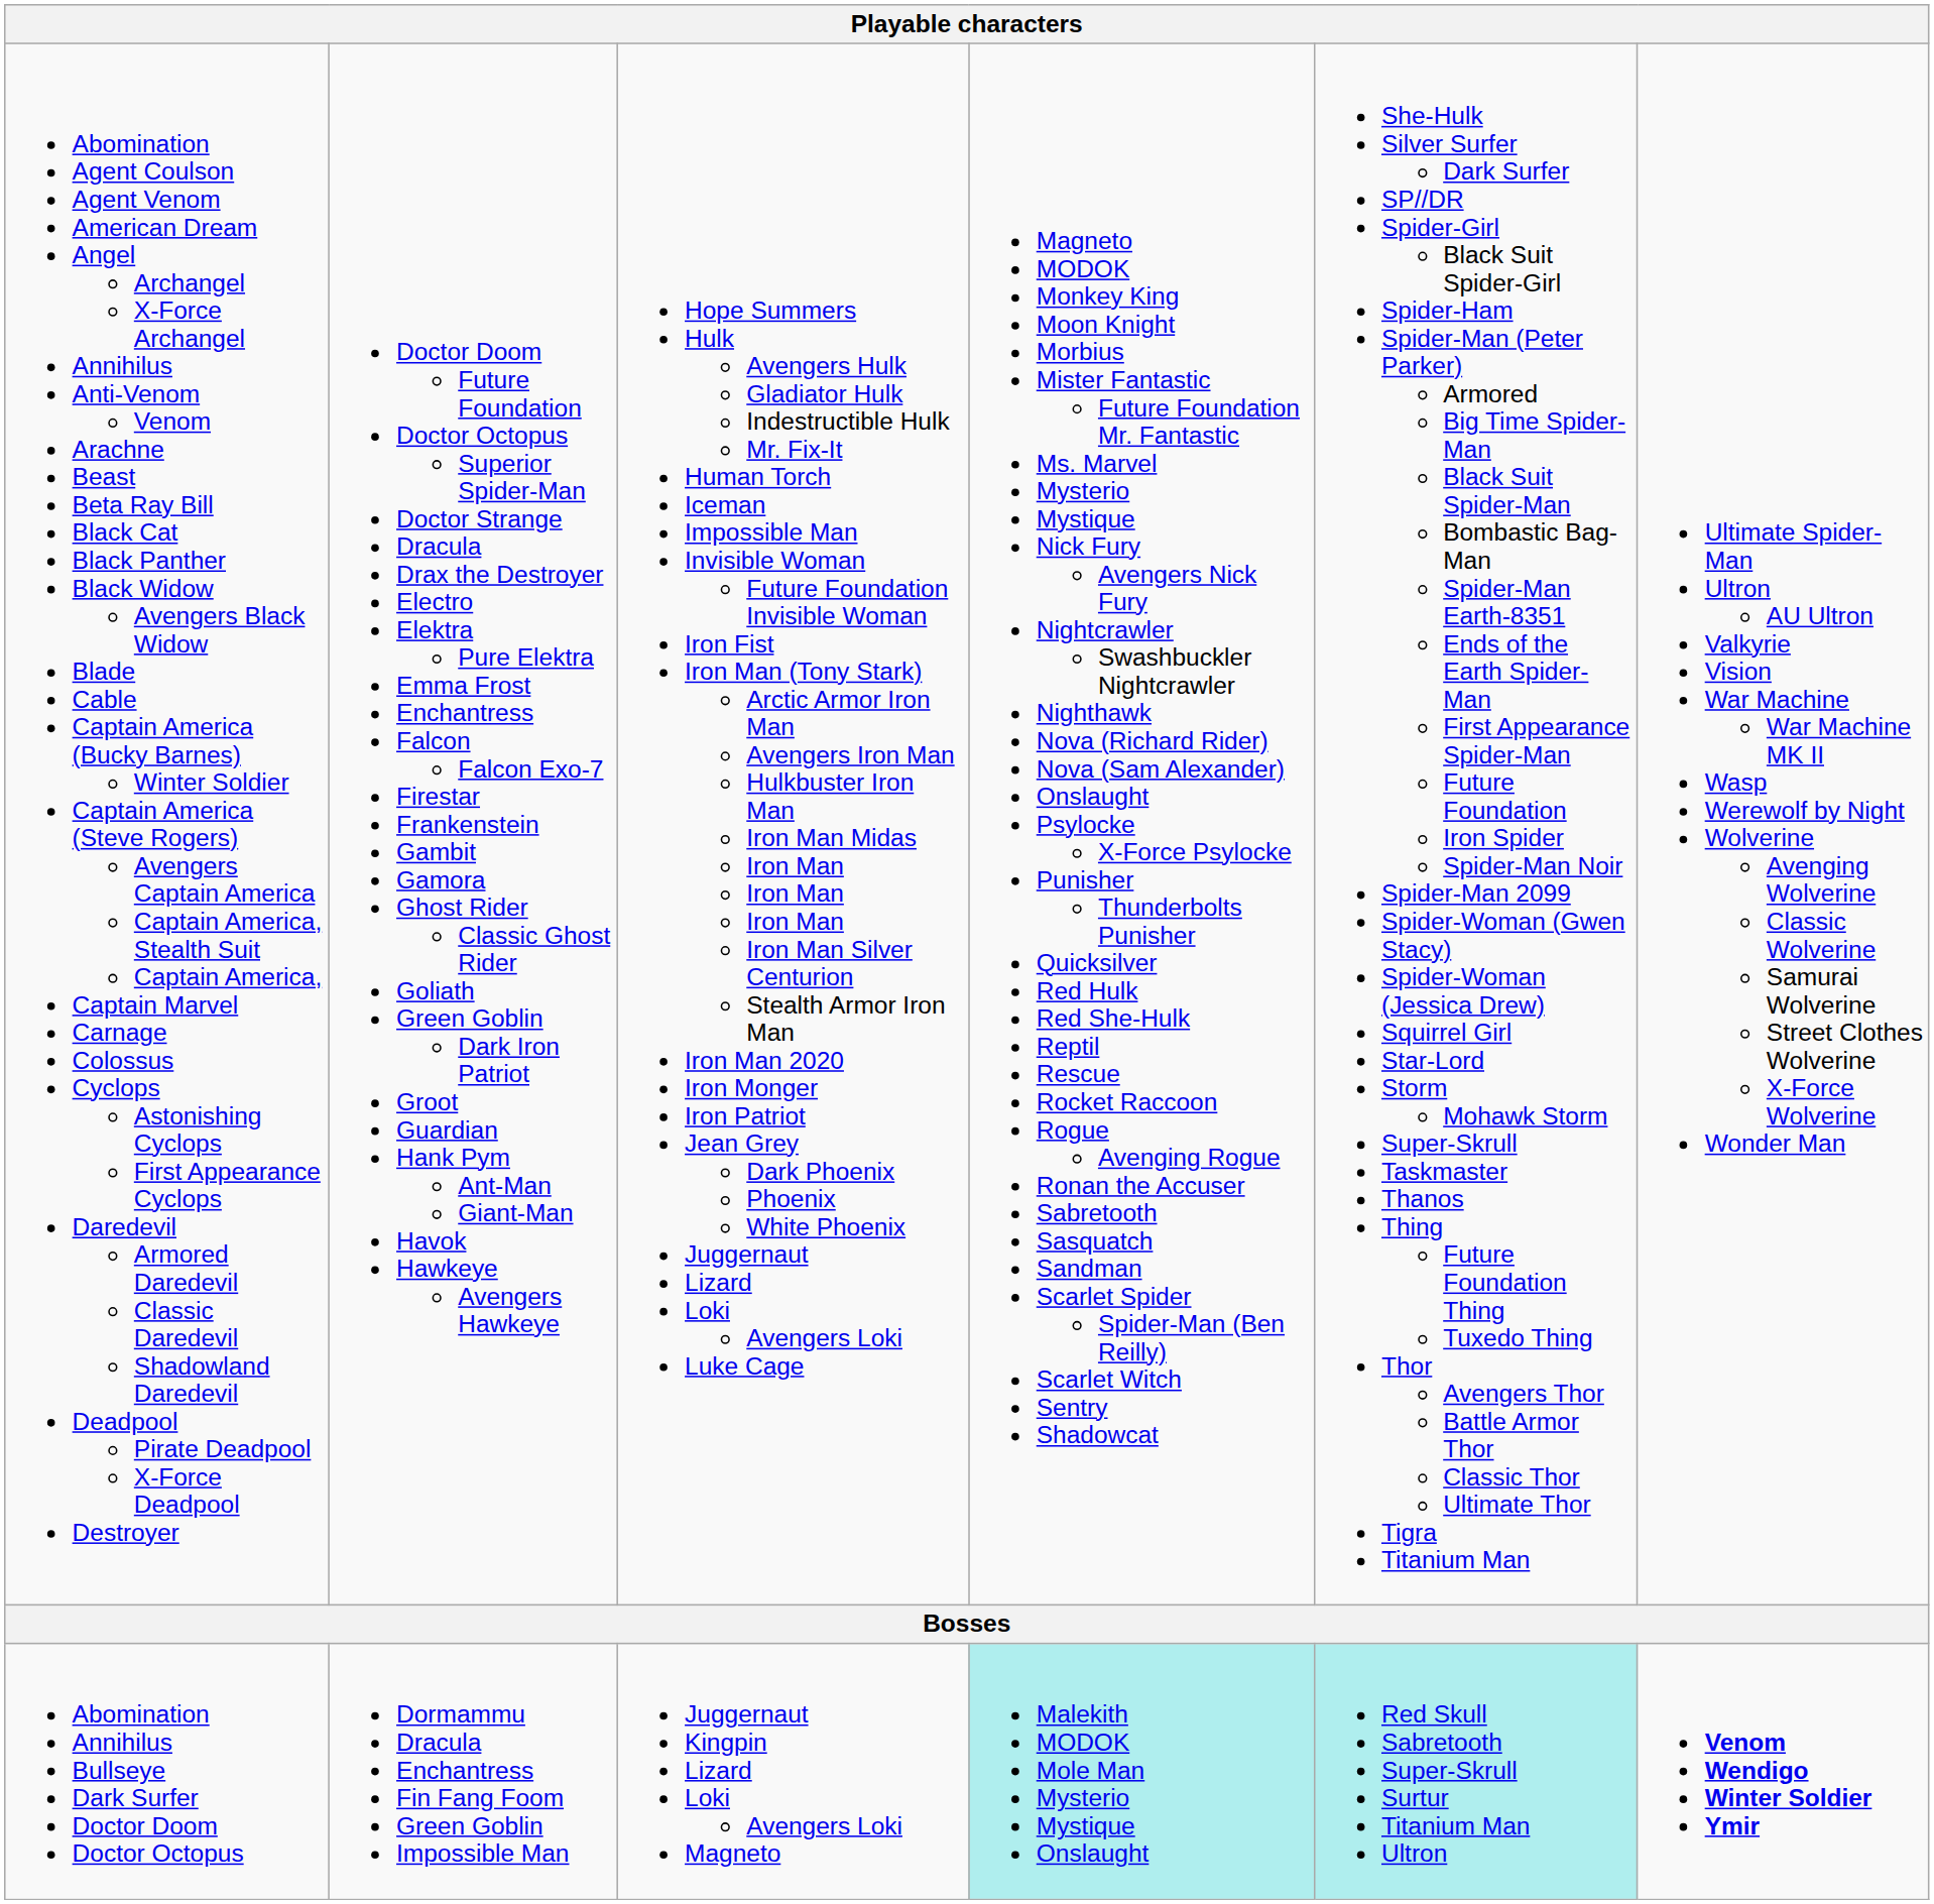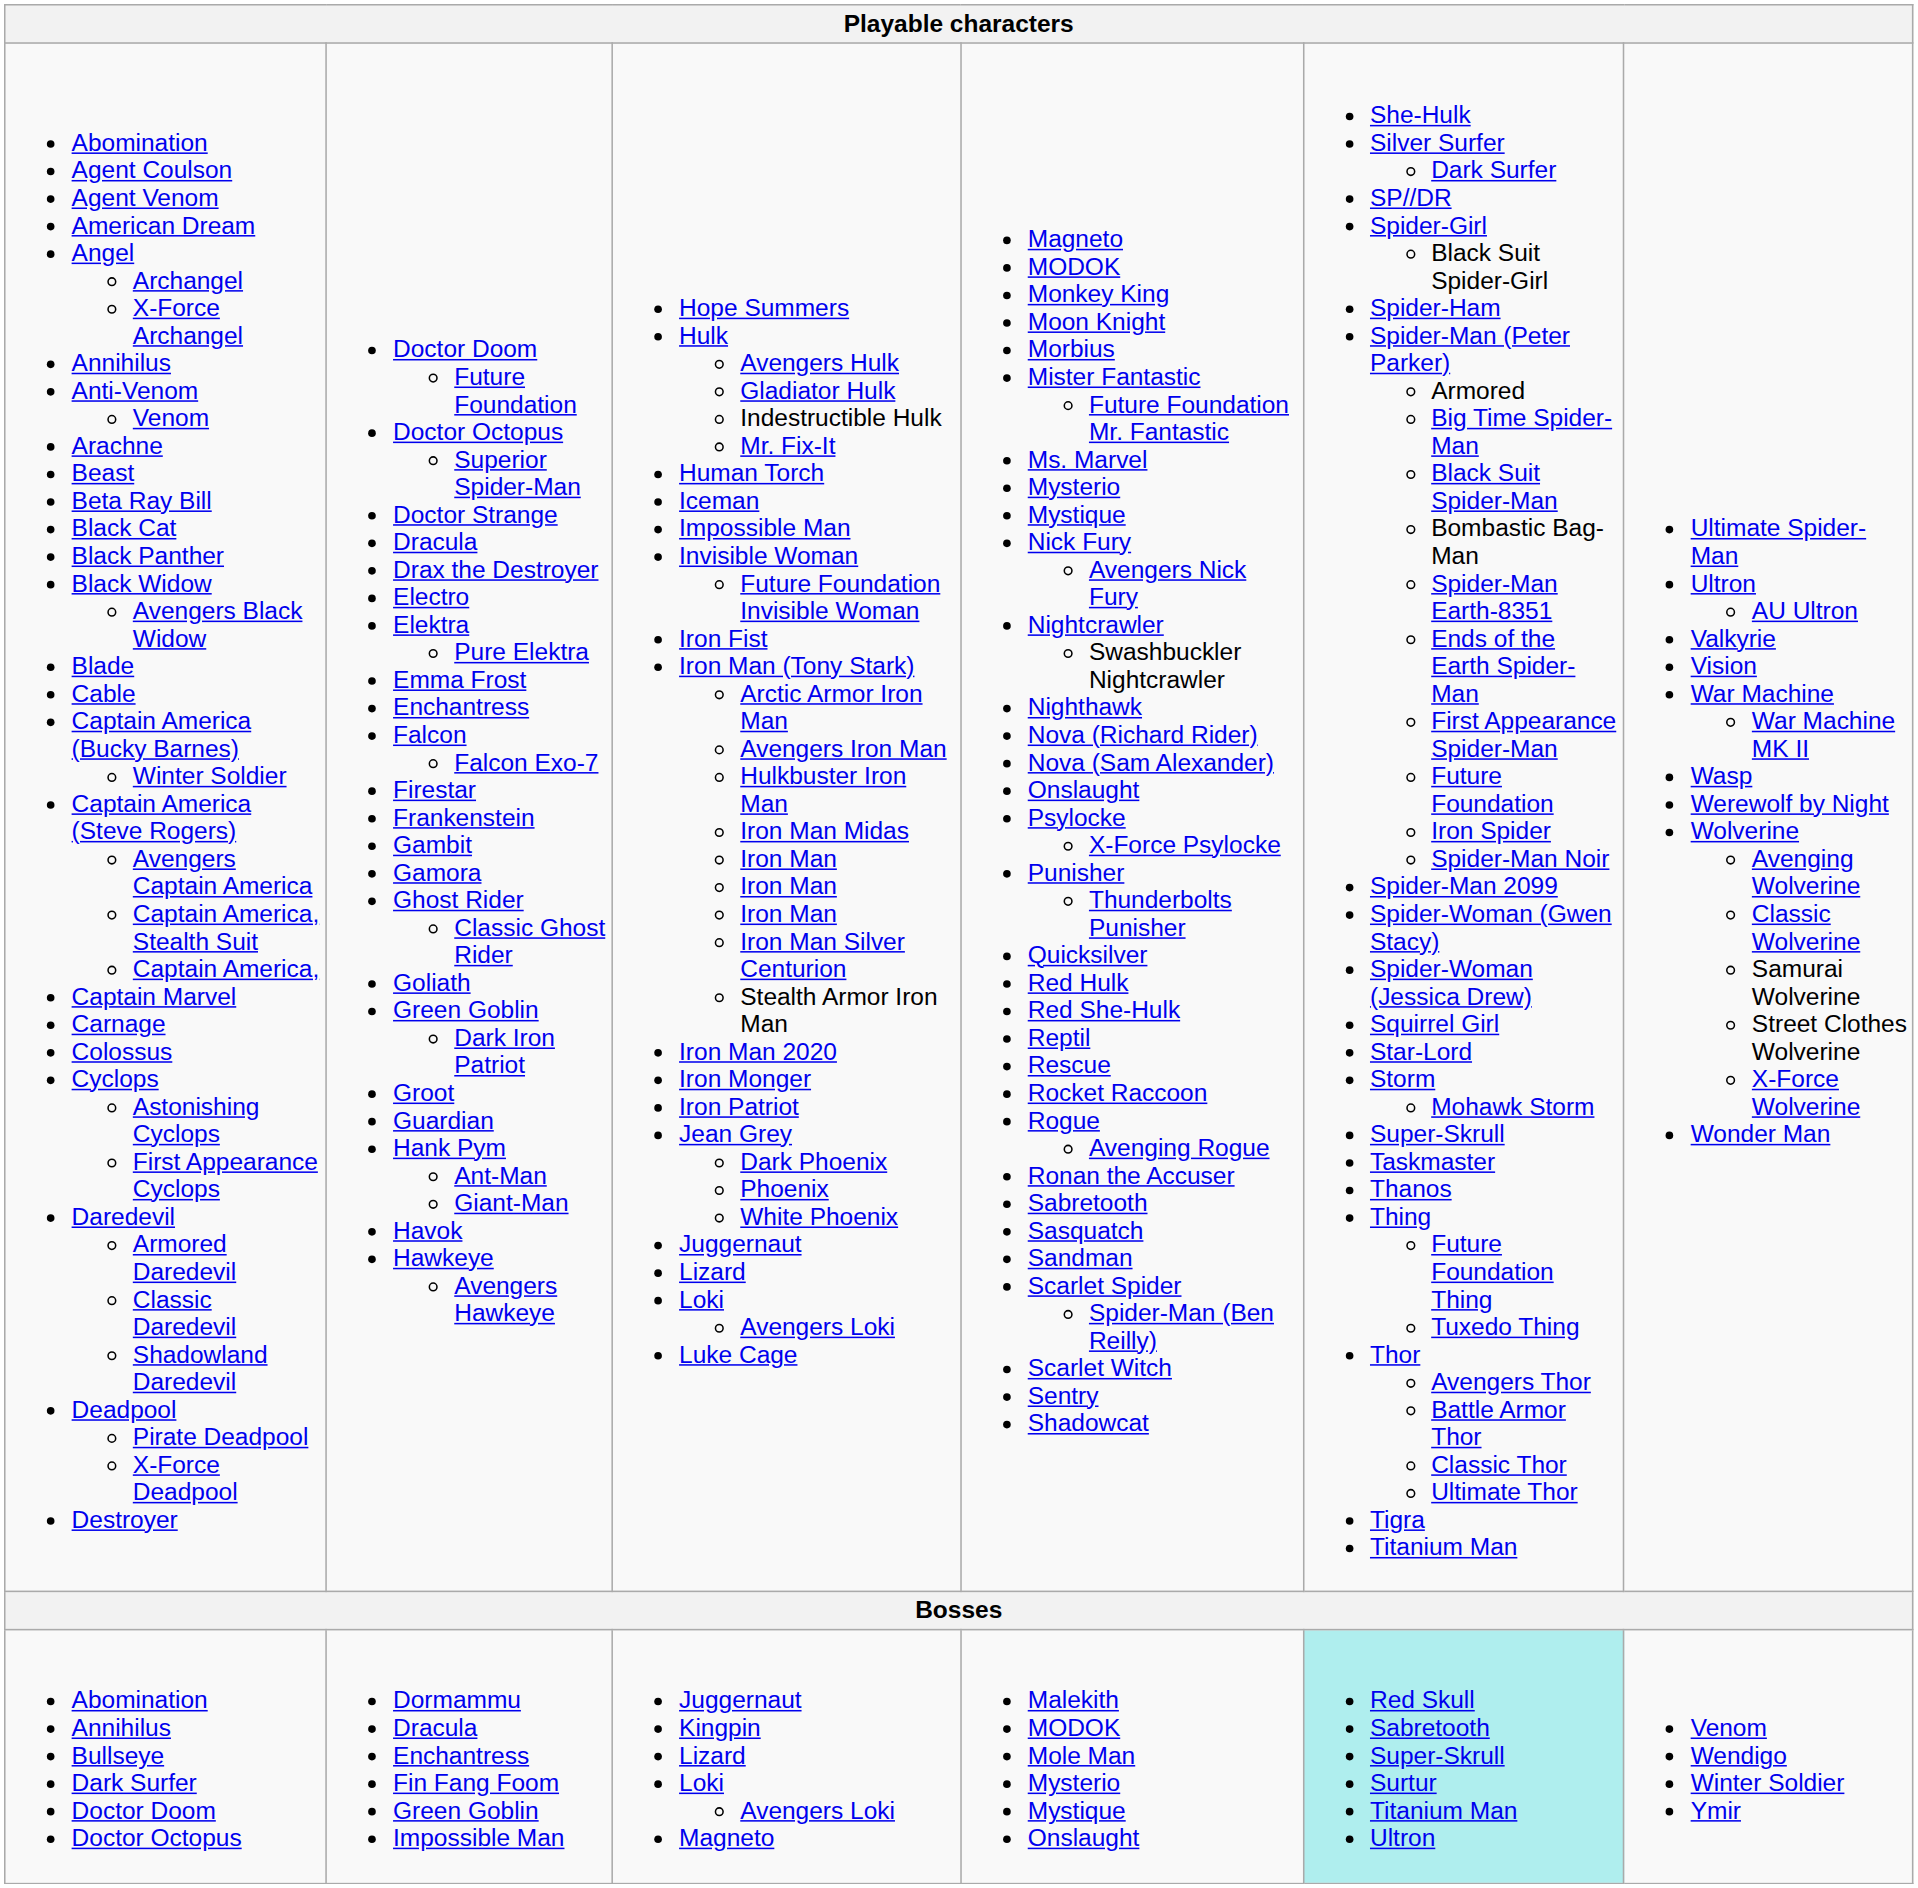 <table class="wikitable">
 <tr>
 <th colspan=6>Playable characters</th>
 </tr>
 <tr>
 <td><br><ul><li><a href='#'>Abomination</a></li><li><a href='#'>Agent Coulson</a></li><li><a href='#'>Agent Venom</a></li><li><a href='#'>American Dream</a></li><li><a href='#'>Angel</a><ul><li><a href='#'>Archangel</a></li><li><a href='#'>X-Force Archangel</a></li></ul></li><li><a href='#'>Annihilus</a></li><li><a href='#'>Anti-Venom</a><ul><li><a href='#'>Venom</a></li></ul></li><li><a href='#'>Arachne</a></li><li><a href='#'>Beast</a></li><li><a href='#'>Beta Ray Bill</a></li><li><a href='#'>Black Cat</a></li><li><a href='#'>Black Panther</a></li><li><a href='#'>Black Widow</a><ul><li><a href='#'>Avengers Black Widow</a></li></ul></li><li><a href='#'>Blade</a></li><li><a href='#'>Cable</a></li><li><a href='#'>Captain America (Bucky Barnes)</a><ul><li><a href='#'>Winter Soldier</a></li></ul></li><li><a href='#'>Captain America (Steve Rogers)</a><ul><li><a href='#'>Avengers Captain America</a></li><li><a href='#'>Captain America, Stealth Suit</a></li><li><a href='#'>Captain America, </a></li></ul></li><li><a href='#'>Captain Marvel</a></li><li><a href='#'>Carnage</a></li><li><a href='#'>Colossus</a></li><li><a href='#'>Cyclops</a><ul><li><a href='#'>Astonishing Cyclops</a></li><li><a href='#'>First Appearance Cyclops</a></li></ul></li><li><a href='#'>Daredevil</a><ul><li><a href='#'>Armored Daredevil</a></li><li><a href='#'>Classic Daredevil</a></li><li><a href='#'>Shadowland Daredevil</a></li></ul></li><li><a href='#'>Deadpool</a><ul><li><a href='#'>Pirate Deadpool</a></li><li><a href='#'>X-Force Deadpool</a></li></ul></li><li><a href='#'>Destroyer</a></li></ul></td>
 <td><br><ul><li><a href='#'>Doctor Doom</a><ul><li><a href='#'>Future Foundation </a></li></ul></li><li><a href='#'>Doctor Octopus</a><ul><li><a href='#'>Superior Spider-Man</a></li></ul></li><li><a href='#'>Doctor Strange</a></li><li><a href='#'>Dracula</a></li><li><a href='#'>Drax the Destroyer</a></li><li><a href='#'>Electro</a></li><li><a href='#'>Elektra</a><ul><li><a href='#'>Pure Elektra</a></li></ul></li><li><a href='#'>Emma Frost</a></li><li><a href='#'>Enchantress</a></li><li><a href='#'>Falcon</a><ul><li><a href='#'>Falcon Exo-7</a></li></ul></li><li><a href='#'>Firestar</a></li><li><a href='#'>Frankenstein</a></li><li><a href='#'>Gambit</a></li><li><a href='#'>Gamora</a></li><li><a href='#'>Ghost Rider</a><ul><li><a href='#'>Classic Ghost Rider</a></li></ul></li><li><a href='#'>Goliath</a></li><li><a href='#'>Green Goblin</a><ul><li><a href='#'>Dark Iron Patriot</a></li></ul></li><li><a href='#'>Groot</a></li><li><a href='#'>Guardian</a></li><li><a href='#'>Hank Pym</a><ul><li><a href='#'>Ant-Man</a></li><li><a href='#'>Giant-Man</a></li></ul></li><li><a href='#'>Havok</a></li><li><a href='#'>Hawkeye</a><ul><li><a href='#'>Avengers Hawkeye</a></li></ul></li></ul></td>
 <td><br><ul><li><a href='#'>Hope Summers</a></li><li><a href='#'>Hulk</a><ul><li><a href='#'>Avengers Hulk</a></li><li><a href='#'>Gladiator Hulk</a></li><li>Indestructible Hulk</li><li><a href='#'>Mr. Fix-It</a></li></ul></li><li><a href='#'>Human Torch</a></li><li><a href='#'>Iceman</a></li><li><a href='#'>Impossible Man</a></li><li><a href='#'>Invisible Woman</a><ul><li><a href='#'>Future Foundation Invisible Woman</a></li></ul></li><li><a href='#'>Iron Fist</a></li><li><a href='#'>Iron Man (Tony Stark)</a><ul><li><a href='#'>Arctic Armor Iron Man</a></li><li><a href='#'>Avengers Iron Man</a></li><li><a href='#'>Hulkbuster Iron Man</a></li><li><a href='#'>Iron Man Midas</a></li><li><a href='#'>Iron Man </a></li><li><a href='#'>Iron Man </a></li><li><a href='#'>Iron Man </a></li><li><a href='#'>Iron Man Silver Centurion</a></li><li>Stealth Armor Iron Man</li></ul></li><li><a href='#'>Iron Man 2020</a></li><li><a href='#'>Iron Monger</a></li><li><a href='#'>Iron Patriot</a></li><li><a href='#'>Jean Grey</a><ul><li><a href='#'>Dark Phoenix</a></li><li><a href='#'>Phoenix</a></li><li><a href='#'>White Phoenix</a></li></ul></li><li><a href='#'>Juggernaut</a></li><li><a href='#'>Lizard</a></li><li><a href='#'>Loki</a><ul><li><a href='#'>Avengers Loki</a></li></ul></li><li><a href='#'>Luke Cage</a></li></ul></td>
 <td><br><ul><li><a href='#'>Magneto</a></li><li><a href='#'>MODOK</a></li><li><a href='#'>Monkey King</a></li><li><a href='#'>Moon Knight</a></li><li><a href='#'>Morbius</a></li><li><a href='#'>Mister Fantastic</a><ul><li><a href='#'>Future Foundation Mr. Fantastic</a></li></ul></li><li><a href='#'>Ms. Marvel</a></li><li><a href='#'>Mysterio</a></li><li><a href='#'>Mystique</a></li><li><a href='#'>Nick Fury</a><ul><li><a href='#'>Avengers Nick Fury</a></li></ul></li><li><a href='#'>Nightcrawler</a><ul><li>Swashbuckler Nightcrawler</li></ul></li><li><a href='#'>Nighthawk</a></li><li><a href='#'>Nova (Richard Rider)</a></li><li><a href='#'>Nova (Sam Alexander)</a></li><li><a href='#'>Onslaught</a></li><li><a href='#'>Psylocke</a><ul><li><a href='#'>X-Force Psylocke</a></li></ul></li><li><a href='#'>Punisher</a><ul><li><a href='#'>Thunderbolts Punisher</a></li></ul></li><li><a href='#'>Quicksilver</a></li><li><a href='#'>Red Hulk</a></li><li><a href='#'>Red She-Hulk</a></li><li><a href='#'>Reptil</a></li><li><a href='#'>Rescue</a></li><li><a href='#'>Rocket Raccoon</a></li><li><a href='#'>Rogue</a><ul><li><a href='#'>Avenging Rogue</a></li></ul></li><li><a href='#'>Ronan the Accuser</a></li><li><a href='#'>Sabretooth</a></li><li><a href='#'>Sasquatch</a></li><li><a href='#'>Sandman</a></li><li><a href='#'>Scarlet Spider</a><ul><li><a href='#'>Spider-Man (Ben Reilly)</a></li></ul></li><li><a href='#'>Scarlet Witch</a></li><li><a href='#'>Sentry</a></li><li><a href='#'>Shadowcat</a></li></ul></td>
 <td><br><ul><li><a href='#'>She-Hulk</a></li><li><a href='#'>Silver Surfer</a><ul><li><a href='#'>Dark Surfer</a></li></ul></li><li><a href='#'>SP//DR</a></li><li><a href='#'>Spider-Girl</a><ul><li>Black Suit Spider-Girl</li></ul></li><li><a href='#'>Spider-Ham</a></li><li><a href='#'>Spider-Man (Peter Parker)</a><ul><li>Armored </li><li><a href='#'>Big Time Spider-Man</a></li><li><a href='#'>Black Suit Spider-Man</a></li><li>Bombastic Bag-Man</li><li><a href='#'>Spider-Man Earth-8351</a></li><li><a href='#'>Ends of the Earth Spider-Man</a></li><li><a href='#'>First Appearance Spider-Man</a></li><li><a href='#'>Future Foundation </a></li><li><a href='#'>Iron Spider</a></li><li><a href='#'>Spider-Man Noir</a></li></ul></li><li><a href='#'>Spider-Man 2099</a></li><li><a href='#'>Spider-Woman (Gwen Stacy)</a></li><li><a href='#'>Spider-Woman (Jessica Drew)</a></li><li><a href='#'>Squirrel Girl</a></li><li><a href='#'>Star-Lord</a></li><li><a href='#'>Storm</a><ul><li><a href='#'>Mohawk Storm</a></li></ul></li><li><a href='#'>Super-Skrull</a></li><li><a href='#'>Taskmaster</a></li><li><a href='#'>Thanos</a></li><li><a href='#'>Thing</a><ul><li><a href='#'>Future Foundation Thing</a></li><li><a href='#'>Tuxedo Thing</a></li></ul></li><li><a href='#'>Thor</a><ul><li><a href='#'>Avengers Thor</a></li><li><a href='#'>Battle Armor Thor</a></li><li><a href='#'>Classic Thor</a></li><li><a href='#'>Ultimate Thor</a></li></ul></li><li><a href='#'>Tigra</a></li><li><a href='#'>Titanium Man</a></li></ul></td>
 <td><br><ul><li><a href='#'>Ultimate Spider-Man</a></li><li><a href='#'>Ultron</a><ul><li><a href='#'>AU Ultron</a></li></ul></li><li><a href='#'>Valkyrie</a></li><li><a href='#'>Vision</a></li><li><a href='#'>War Machine</a><ul><li><a href='#'>War Machine MK II</a></li></ul></li><li><a href='#'>Wasp</a></li><li><a href='#'>Werewolf by Night</a></li><li><a href='#'>Wolverine</a><ul><li><a href='#'>Avenging Wolverine</a></li><li><a href='#'>Classic Wolverine</a></li><li>Samurai Wolverine</li><li>Street Clothes Wolverine</li><li><a href='#'>X-Force Wolverine</a></li></ul></li><li><a href='#'>Wonder Man</a></li></ul></td>
 </tr>
 <tr>
 <th colspan=6>Bosses</th>
 </tr>
 <tr>
 <td><br><ul><li><a href='#'>Abomination</a></li><li><a href='#'>Annihilus</a></li><li><a href='#'>Bullseye</a></li><li><a href='#'>Dark Surfer</a></li><li><a href='#'>Doctor Doom</a></li><li><a href='#'>Doctor Octopus</a></li></ul></td>
 <td><br><ul><li><a href='#'>Dormammu</a></li><li><a href='#'>Dracula</a></li><li><a href='#'>Enchantress</a></li><li><a href='#'>Fin Fang Foom</a></li><li><a href='#'>Green Goblin</a></li><li><a href='#'>Impossible Man</a></li></ul></td>
 <td><br><ul><li><a href='#'>Juggernaut</a></li><li><a href='#'>Kingpin</a></li><li><a href='#'>Lizard</a></li><li><a href='#'>Loki</a><ul><li><a href='#'>Avengers Loki</a></li></ul></li><li><a href='#'>Magneto</a></li></ul></td>
-<td style="background: paleturquoise;"><br><ul><li><a href='#'>Malekith</a></li><li><a href='#'>MODOK</a></li><li><a href='#'>Mole Man</a></li><li><a href='#'>Mysterio</a></li><li><a href='#'>Mystique</a></li><li><a href='#'>Onslaught</a></li></ul></td>
+<td><br><ul><li><a href='#'>Malekith</a></li><li><a href='#'>MODOK</a></li><li><a href='#'>Mole Man</a></li><li><a href='#'>Mysterio</a></li><li><a href='#'>Mystique</a></li><li><a href='#'>Onslaught</a></li></ul></td>
 <td style="background: paleturquoise;"><br><ul><li><a href='#'>Red Skull</a></li><li><a href='#'>Sabretooth</a></li><li><a href='#'>Super-Skrull</a></li><li><a href='#'>Surtur</a></li><li><a href='#'>Titanium Man</a></li><li><a href='#'>Ultron</a></li></ul></td>
-<td><strong><br><ul><li><a href='#'>Venom</a></li><li><a href='#'>Wendigo</a></li><li><a href='#'>Winter Soldier</a></li><li><a href='#'>Ymir</a></li></ul></strong></td>
+<td><br><ul><li><a href='#'>Venom</a></li><li><a href='#'>Wendigo</a></li><li><a href='#'>Winter Soldier</a></li><li><a href='#'>Ymir</a></li></ul></td>
 </tr>
 </table>
